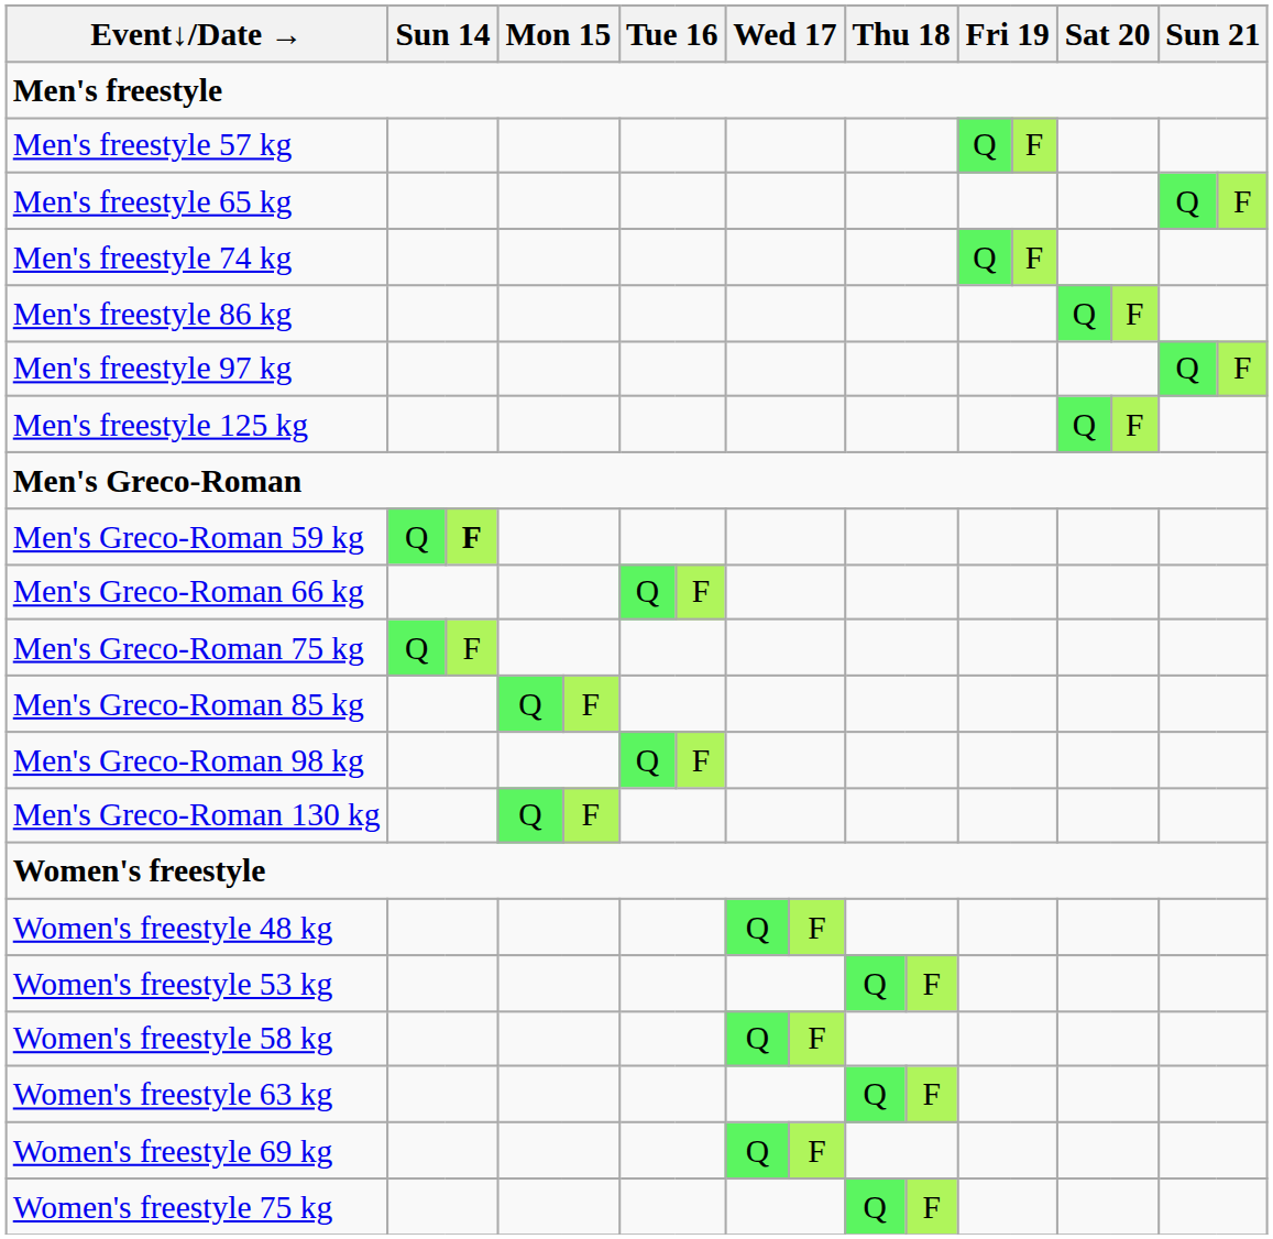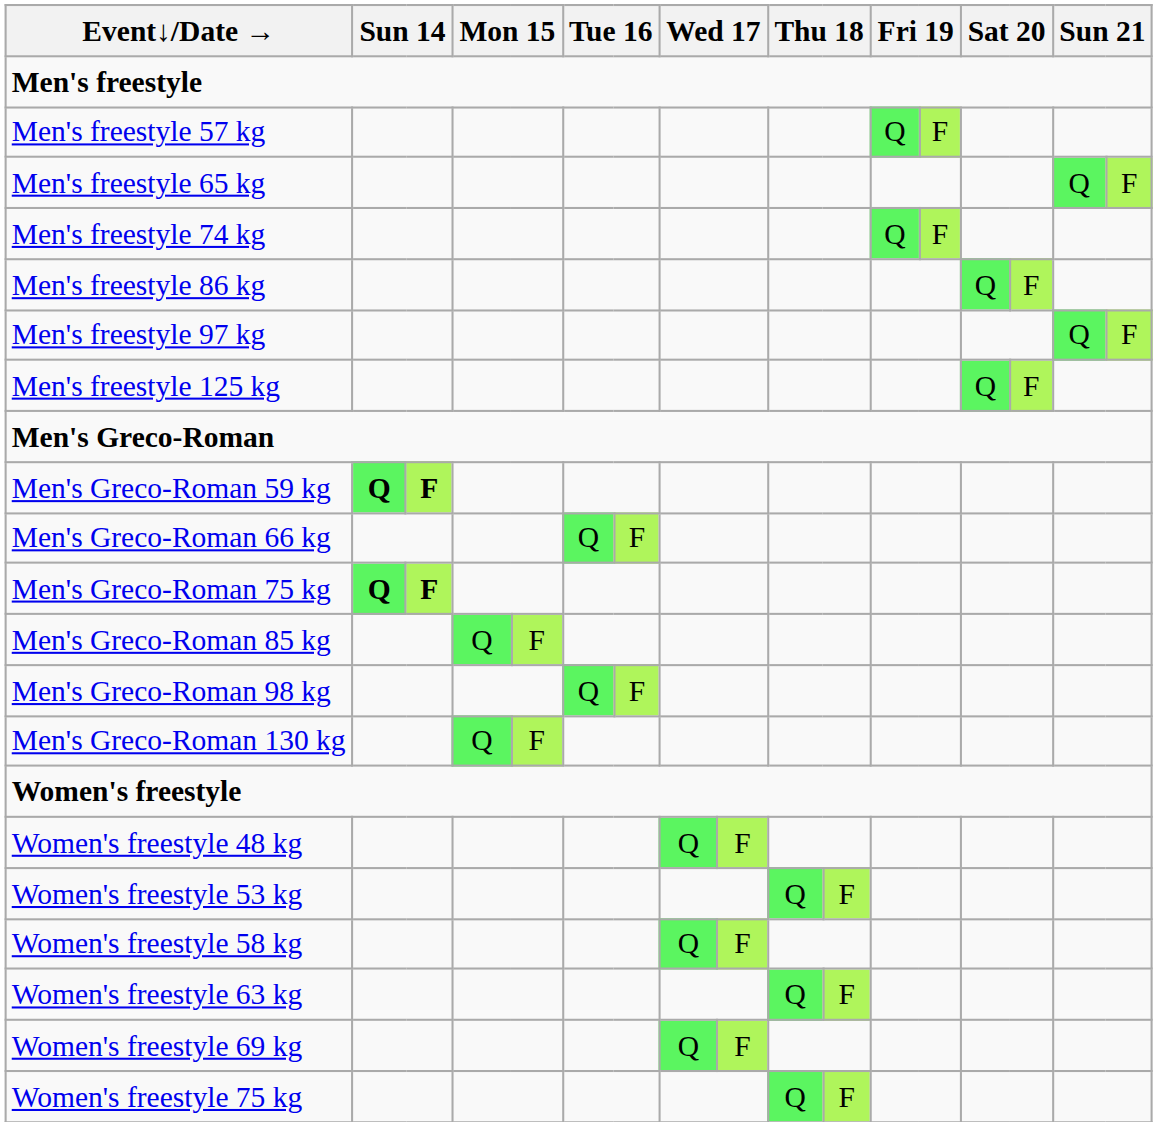 <table class="wikitable" style="margin:0.5em auto; font-size:90%; line-height:1.25em; text-align:center;">
 <tr>
 <th>Event↓/Date →</th>
 <th colspan=2>Sun 14</th>
 <th colspan=2>Mon 15</th>
 <th colspan=2>Tue 16</th>
 <th colspan=2>Wed 17</th>
 <th colspan=2>Thu 18</th>
 <th colspan=2>Fri 19</th>
 <th colspan=2>Sat 20</th>
 <th colspan=2>Sun 21</th>
 </tr>
 <tr>
 <td colspan=19 style="text-align:left;"><strong>Men's freestyle</strong></td>
 </tr>
 <tr>
 <td style="text-align:left;"><a href='#'>Men's freestyle 57 kg</a></td>
 <td colspan=2></td>
 <td colspan=2></td>
 <td colspan=2></td>
 <td colspan=2></td>
 <td colspan=2></td>
 <td style="background-color:#5BF560;">Q</td>
 <td style="background-color:#AFF55B;">F</td>
 <td colspan=2></td>
 <td colspan=2></td>
 </tr>
 <tr>
 <td style="text-align:left;"><a href='#'>Men's freestyle 65 kg</a></td>
 <td colspan=2></td>
 <td colspan=2></td>
 <td colspan=2></td>
 <td colspan=2></td>
 <td colspan=2></td>
 <td colspan=2></td>
 <td colspan=2></td>
 <td style="background-color:#5BF560;">Q</td>
 <td style="background-color:#AFF55B;">F</td>
 </tr>
 <tr>
 <td style="text-align:left;"><a href='#'>Men's freestyle 74 kg</a></td>
 <td colspan=2></td>
 <td colspan=2></td>
 <td colspan=2></td>
 <td colspan=2></td>
 <td colspan=2></td>
 <td style="background-color:#5BF560;">Q</td>
 <td style="background-color:#AFF55B;">F</td>
 <td colspan=2></td>
 <td colspan=2></td>
 </tr>
 <tr>
 <td style="text-align:left;"><a href='#'>Men's freestyle 86 kg</a></td>
 <td colspan=2></td>
 <td colspan=2></td>
 <td colspan=2></td>
 <td colspan=2></td>
 <td colspan=2></td>
 <td colspan=2></td>
 <td style="background-color:#5BF560;">Q</td>
 <td style="background-color:#AFF55B;">F</td>
 <td colspan=2></td>
 </tr>
 <tr>
 <td style="text-align:left;"><a href='#'>Men's freestyle 97 kg</a></td>
 <td colspan=2></td>
 <td colspan=2></td>
 <td colspan=2></td>
 <td colspan=2></td>
 <td colspan=2></td>
 <td colspan=2></td>
 <td colspan=2></td>
 <td style="background-color:#5BF560;">Q</td>
 <td style="background-color:#AFF55B;">F</td>
 </tr>
 <tr>
 <td style="text-align:left;"><a href='#'>Men's freestyle 125 kg</a></td>
 <td colspan=2></td>
 <td colspan=2></td>
 <td colspan=2></td>
 <td colspan=2></td>
 <td colspan=2></td>
 <td colspan=2></td>
 <td style="background-color:#5BF560;">Q</td>
 <td style="background-color:#AFF55B;">F</td>
 <td colspan=2></td>
 </tr>
 <tr>
 <td colspan=19 style="text-align:left;"><strong>Men's Greco-Roman</strong></td>
 </tr>
 <tr>
 <td style="text-align:left;"><a href='#'>Men's Greco-Roman 59 kg</a></td>
-<td style="background-color:#5BF560;">Q</td>
+<td style="background-color:#5BF560;"><strong>Q</strong></td>
 <td style="background-color:#AFF55B;"><strong>F</strong></td>
 <td colspan=2></td>
 <td colspan=2></td>
 <td colspan=2></td>
 <td colspan=2></td>
 <td colspan=2></td>
 <td colspan=2></td>
 <td colspan=2></td>
 </tr>
 <tr>
 <td style="text-align:left;"><a href='#'>Men's Greco-Roman 66 kg</a></td>
 <td colspan=2></td>
 <td colspan=2></td>
 <td style="background-color:#5BF560;">Q</td>
 <td style="background-color:#AFF55B;">F</td>
 <td colspan=2></td>
 <td colspan=2></td>
 <td colspan=2></td>
 <td colspan=2></td>
 <td colspan=2></td>
 </tr>
 <tr>
 <td style="text-align:left;"><a href='#'>Men's Greco-Roman 75 kg</a></td>
-<td style="background-color:#5BF560;">Q</td>
-<td style="background-color:#AFF55B;">F</td>
+<td style="background-color:#5BF560;"><strong>Q</strong></td>
+<td style="background-color:#AFF55B;"><strong>F</strong></td>
 <td colspan=2></td>
 <td colspan=2></td>
 <td colspan=2></td>
 <td colspan=2></td>
 <td colspan=2></td>
 <td colspan=2></td>
 <td colspan=2></td>
 </tr>
 <tr>
 <td style="text-align:left;"><a href='#'>Men's Greco-Roman 85 kg</a></td>
 <td colspan=2></td>
 <td style="background-color:#5BF560;">Q</td>
 <td style="background-color:#AFF55B;">F</td>
 <td colspan=2></td>
 <td colspan=2></td>
 <td colspan=2></td>
 <td colspan=2></td>
 <td colspan=2></td>
 <td colspan=2></td>
 </tr>
 <tr>
 <td style="text-align:left;"><a href='#'>Men's Greco-Roman 98 kg</a></td>
 <td colspan=2></td>
 <td colspan=2></td>
 <td style="background-color:#5BF560;">Q</td>
 <td style="background-color:#AFF55B;">F</td>
 <td colspan=2></td>
 <td colspan=2></td>
 <td colspan=2></td>
 <td colspan=2></td>
 <td colspan=2></td>
 </tr>
 <tr>
 <td style="text-align:left;"><a href='#'>Men's Greco-Roman 130 kg</a></td>
 <td colspan=2></td>
 <td style="background-color:#5BF560;">Q</td>
 <td style="background-color:#AFF55B;">F</td>
 <td colspan=2></td>
 <td colspan=2></td>
 <td colspan=2></td>
 <td colspan=2></td>
 <td colspan=2></td>
 <td colspan=2></td>
 </tr>
 <tr>
 <td colspan=19 style="text-align:left;"><strong>Women's freestyle</strong></td>
 </tr>
 <tr>
 <td style="text-align:left;"><a href='#'>Women's freestyle 48 kg</a></td>
 <td colspan=2></td>
 <td colspan=2></td>
 <td colspan=2></td>
 <td style="background-color:#5BF560;">Q</td>
 <td style="background-color:#AFF55B;">F</td>
 <td colspan=2></td>
 <td colspan=2></td>
 <td colspan=2></td>
 <td colspan=2></td>
 </tr>
 <tr>
 <td style="text-align:left;"><a href='#'>Women's freestyle 53 kg</a></td>
 <td colspan=2></td>
 <td colspan=2></td>
 <td colspan=2></td>
 <td colspan=2></td>
 <td style="background-color:#5BF560;">Q</td>
 <td style="background-color:#AFF55B;">F</td>
 <td colspan=2></td>
 <td colspan=2></td>
 <td colspan=2></td>
 </tr>
 <tr>
 <td style="text-align:left;"><a href='#'>Women's freestyle 58 kg</a></td>
 <td colspan=2></td>
 <td colspan=2></td>
 <td colspan=2></td>
 <td style="background-color:#5BF560;">Q</td>
 <td style="background-color:#AFF55B;">F</td>
 <td colspan=2></td>
 <td colspan=2></td>
 <td colspan=2></td>
 <td colspan=2></td>
 </tr>
 <tr>
 <td style="text-align:left;"><a href='#'>Women's freestyle 63 kg</a></td>
 <td colspan=2></td>
 <td colspan=2></td>
 <td colspan=2></td>
 <td colspan=2></td>
 <td style="background-color:#5BF560;">Q</td>
 <td style="background-color:#AFF55B;">F</td>
 <td colspan=2></td>
 <td colspan=2></td>
 <td colspan=2></td>
 </tr>
 <tr>
 <td style="text-align:left;"><a href='#'>Women's freestyle 69 kg</a></td>
 <td colspan=2></td>
 <td colspan=2></td>
 <td colspan=2></td>
 <td style="background-color:#5BF560;">Q</td>
 <td style="background-color:#AFF55B;">F</td>
 <td colspan=2></td>
 <td colspan=2></td>
 <td colspan=2></td>
 <td colspan=2></td>
 </tr>
 <tr>
 <td style="text-align:left;"><a href='#'>Women's freestyle 75 kg</a></td>
 <td colspan=2></td>
 <td colspan=2></td>
 <td colspan=2></td>
 <td colspan=2></td>
 <td style="background-color:#5BF560;">Q</td>
 <td style="background-color:#AFF55B;">F</td>
 <td colspan=2></td>
 <td colspan=2></td>
 <td colspan=2></td>
 </tr>
 </table>
